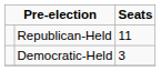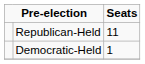 <table class= "wikitable">
 <tr>
 <td colspan= "2" rowspan= "1" align= "center" valign= "top"><strong>Pre-election</strong></td>
 <td valign= "top"><strong>Seats</strong><br></td>
 </tr>
 <tr>
 <td style="background-color:"> </td>
 <td>Republican-Held</td>
 <td>11</td>
 </tr>
 <tr>
 <td style="background-color:"> </td>
 <td>Democratic-Held</td>
-<td>3</td>
+<td>1</td>
 </tr>
 <tr>
 </tr>
 </table>
